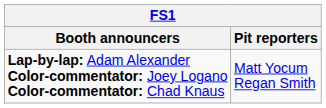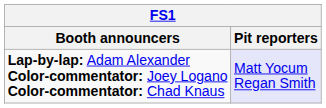 <table class="wikitable">
 <tr>
 <th colspan="2"><a href='#'>FS1</a></th>
 </tr>
 <tr>
 <th>Booth announcers</th>
 <th>Pit reporters</th>
 </tr>
 <tr>
 <td><strong>Lap-by-lap:</strong> <a href='#'>Adam Alexander</a><br><strong>Color-commentator:</strong> <a href='#'>Joey Logano</a><br><strong>Color-commentator:</strong> <a href='#'>Chad Knaus</a></td>
-<td><a href='#'>Matt Yocum</a><br><a href='#'>Regan Smith</a></td>
+<td style="background: lavender;"><a href='#'>Matt Yocum</a><br><a href='#'>Regan Smith</a></td>
 </tr>
 </table>
